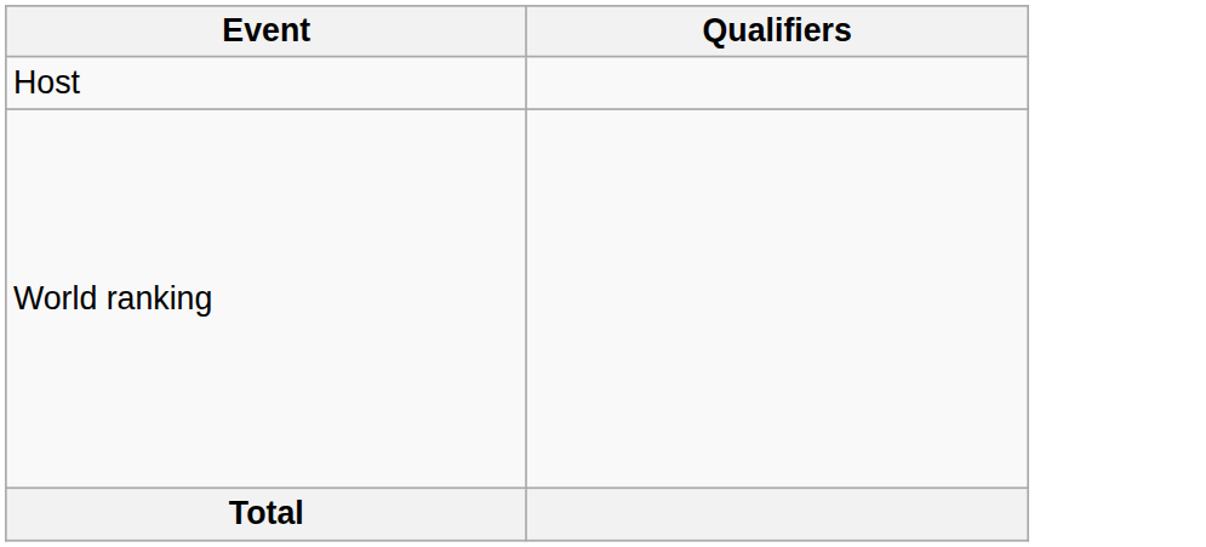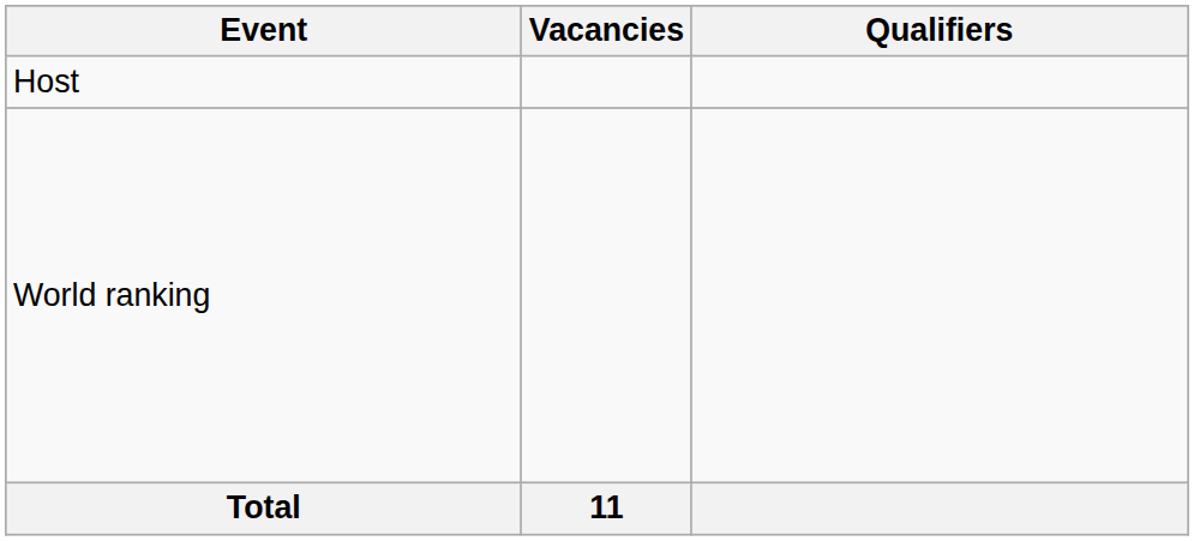 <table class="wikitable" style="text-align:left; font-size:100%">
 <tr>
 <th width=250>Event</th>
+<th width=50>Vacancies</th>
 <th width=240>Qualifiers</th>
 </tr>
 <tr>
 <td>Host</td>
 <td></td>
+<td></td>
 </tr>
 <tr>
 <td>World ranking</td>
+<td></td>
 <td><br><br> <br> <br> <br> <br> <br> <br> <br> <br> </td>
 </tr>
 <tr>
 <th>Total</th>
+<th>11</th>
 <th></th>
 </tr>
 </table>
